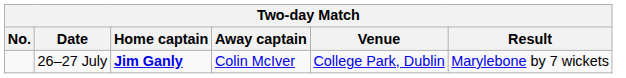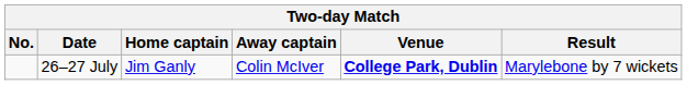 <table class="wikitable">
 <tr>
 <th colspan="9">Two-day Match</th>
 </tr>
 <tr>
 <th>No.</th>
 <th>Date</th>
 <th>Home captain</th>
 <th>Away captain</th>
 <th>Venue</th>
 <th>Result</th>
 </tr>
 <tr>
 <td></td>
 <td>26–27 July</td>
-<td><strong><a href='#'>Jim Ganly</a></strong></td>
+<td><a href='#'>Jim Ganly</a></td>
 <td><a href='#'>Colin McIver</a></td>
-<td><a href='#'>College Park, Dublin</a></td>
+<td><strong><a href='#'>College Park, Dublin</a></strong></td>
 <td><a href='#'>Marylebone</a> by 7 wickets</td>
 </tr>
 </table>
